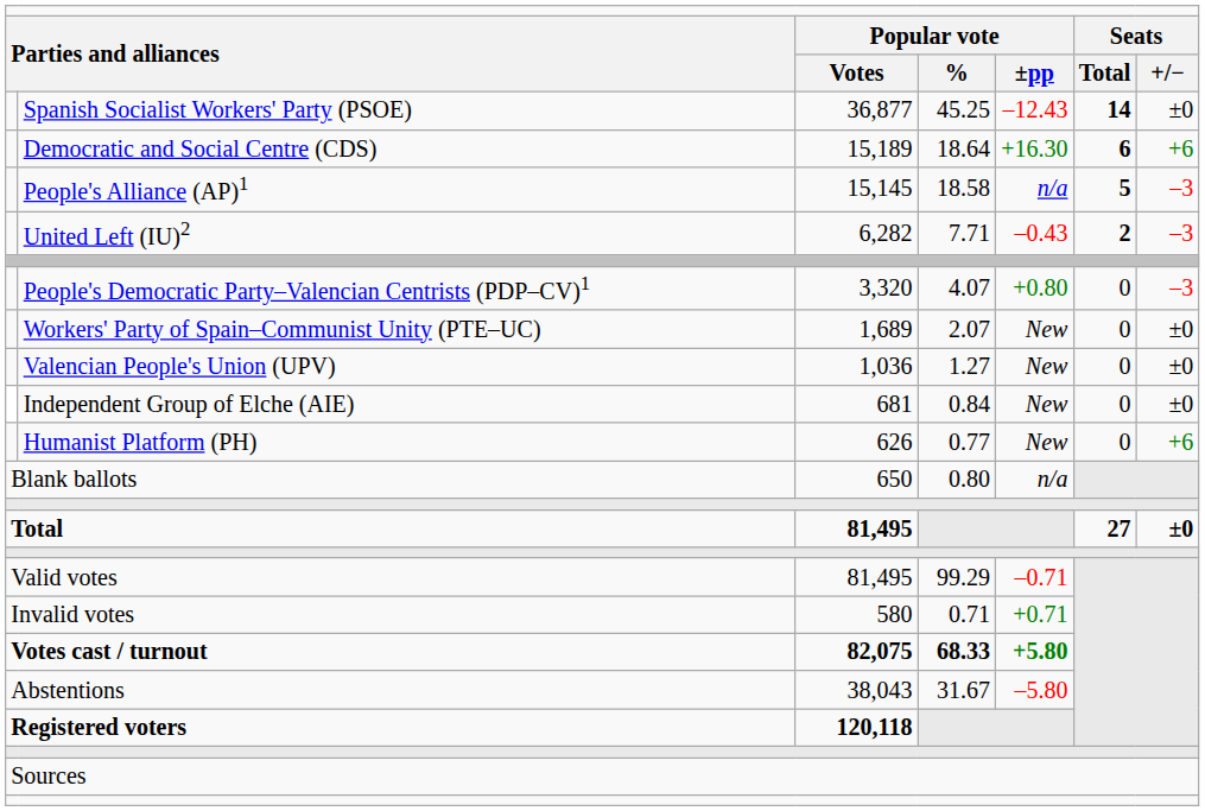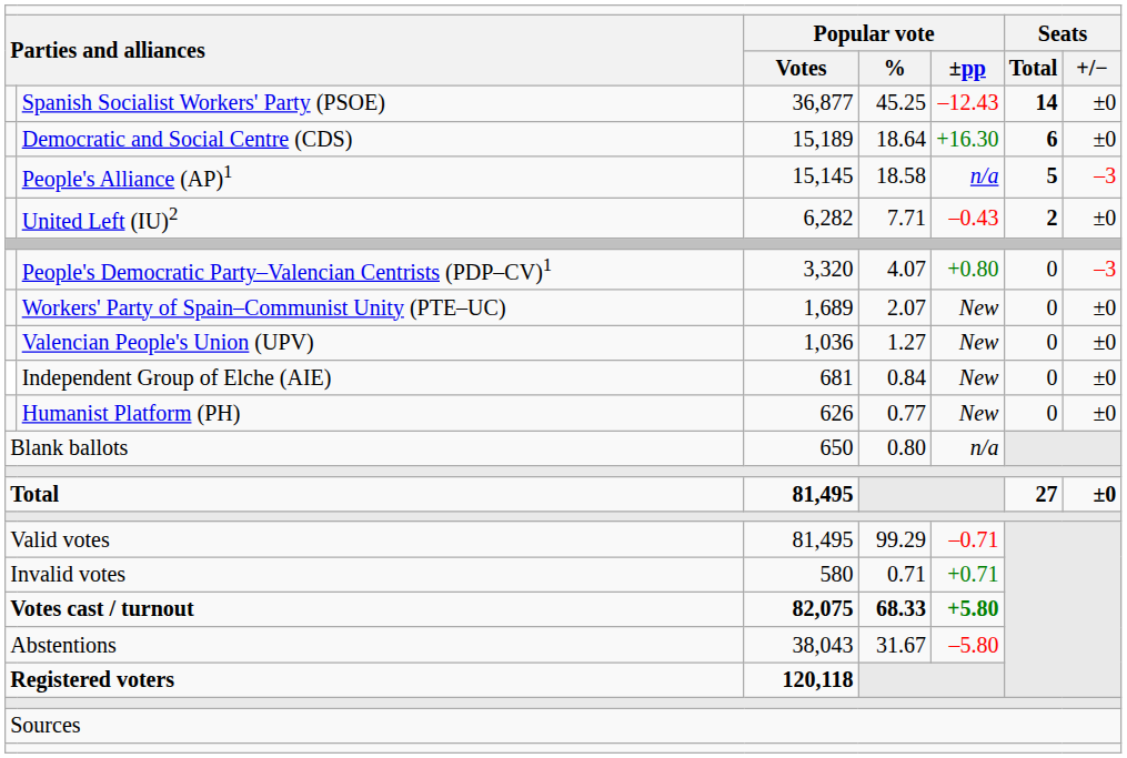 <table class="wikitable" style="text-align:right;">
 <tr>
 <td colspan="7"></td>
 </tr>
 <tr>
 <th style="text-align:left;" rowspan="2" colspan="2" width="525">Parties and alliances</th>
 <th colspan="3">Popular vote</th>
 <th colspan="2">Seats</th>
 </tr>
 <tr>
 <th width="75">Votes</th>
 <th width="45">%</th>
 <th width="45">±<a href='#'>pp</a></th>
 <th width="35">Total</th>
 <th width="35">+/−</th>
 </tr>
 <tr>
 <td width="1" style="color:inherit;background:"></td>
 <td align="left"><a href='#'>Spanish Socialist Workers' Party</a> (PSOE)</td>
 <td>36,877</td>
 <td>45.25</td>
 <td style="color:red;">–12.43</td>
 <td><strong>14</strong></td>
 <td>±0</td>
 </tr>
 <tr>
 <td style="color:inherit;background:"></td>
 <td align="left"><a href='#'>Democratic and Social Centre</a> (CDS)</td>
 <td>15,189</td>
 <td>18.64</td>
 <td style="color:green;">+16.30</td>
 <td><strong>6</strong></td>
-<td style="color:green;">+6</td>
+<td>±0</td>
 </tr>
 <tr>
 <td style="color:inherit;background:"></td>
 <td align="left"><a href='#'>People's Alliance</a> (AP)<sup>1</sup></td>
 <td>15,145</td>
 <td>18.58</td>
 <td><em><a href='#'>n/a</a></em></td>
 <td><strong>5</strong></td>
 <td style="color:red;">–3</td>
 </tr>
 <tr>
 <td style="color:inherit;background:"></td>
 <td align="left"><a href='#'>United Left</a> (IU)<sup>2</sup></td>
 <td>6,282</td>
 <td>7.71</td>
 <td style="color:red;">–0.43</td>
 <td><strong>2</strong></td>
-<td style="color:red;">–3</td>
+<td>±0</td>
 </tr>
 <tr>
 <td colspan="7" bgcolor="#C0C0C0"></td>
 </tr>
 <tr>
 <td style="color:inherit;background:"></td>
 <td align="left"><a href='#'>People's Democratic Party–Valencian Centrists</a> (PDP–CV)<sup>1</sup></td>
 <td>3,320</td>
 <td>4.07</td>
 <td style="color:green;">+0.80</td>
 <td>0</td>
 <td style="color:red;">–3</td>
 </tr>
 <tr>
 <td style="color:inherit;background:"></td>
 <td align="left"><a href='#'>Workers' Party of Spain–Communist Unity</a> (PTE–UC)</td>
 <td>1,689</td>
 <td>2.07</td>
 <td><em>New</em></td>
 <td>0</td>
 <td>±0</td>
 </tr>
 <tr>
 <td style="color:inherit;background:"></td>
 <td align="left"><a href='#'>Valencian People's Union</a> (UPV)</td>
 <td>1,036</td>
 <td>1.27</td>
 <td><em>New</em></td>
 <td>0</td>
 <td>±0</td>
 </tr>
 <tr>
 <td bgcolor="white"></td>
 <td align="left">Independent Group of Elche (AIE)</td>
 <td>681</td>
 <td>0.84</td>
 <td><em>New</em></td>
 <td>0</td>
 <td>±0</td>
 </tr>
 <tr>
 <td style="color:inherit;background:"></td>
 <td align="left"><a href='#'>Humanist Platform</a> (PH)</td>
 <td>626</td>
 <td>0.77</td>
 <td><em>New</em></td>
 <td>0</td>
-<td style="color:green;">+6</td>
+<td>±0</td>
 </tr>
 <tr>
 <td align="left" colspan="2">Blank ballots</td>
 <td>650</td>
 <td>0.80</td>
 <td><em>n/a</em></td>
 <td bgcolor="#E9E9E9" colspan="2"></td>
 </tr>
 <tr>
 <td colspan="7" bgcolor="#E9E9E9"></td>
 </tr>
 <tr style="font-weight:bold;">
 <td align="left" colspan="2">Total</td>
 <td>81,495</td>
 <td bgcolor="#E9E9E9" colspan="2"></td>
 <td>27</td>
 <td>±0</td>
 </tr>
 <tr>
 <td colspan="7" bgcolor="#E9E9E9"></td>
 </tr>
 <tr>
 <td align="left" colspan="2">Valid votes</td>
 <td>81,495</td>
 <td>99.29</td>
 <td style="color:red;">–0.71</td>
 <td bgcolor="#E9E9E9" colspan="2" rowspan="5"></td>
 </tr>
 <tr>
 <td align="left" colspan="2">Invalid votes</td>
 <td>580</td>
 <td>0.71</td>
 <td style="color:green;">+0.71</td>
 </tr>
 <tr style="font-weight:bold;">
 <td align="left" colspan="2">Votes cast / turnout</td>
 <td>82,075</td>
 <td>68.33</td>
 <td style="color:green;">+5.80</td>
 </tr>
 <tr>
 <td align="left" colspan="2">Abstentions</td>
 <td>38,043</td>
 <td>31.67</td>
 <td style="color:red;">–5.80</td>
 </tr>
 <tr style="font-weight:bold;">
 <td align="left" colspan="2">Registered voters</td>
 <td>120,118</td>
 <td bgcolor="#E9E9E9" colspan="2"></td>
 </tr>
 <tr>
 <td colspan="7" bgcolor="#E9E9E9"></td>
 </tr>
 <tr>
 <td align="left" colspan="7">Sources</td>
 </tr>
 <tr>
 <td colspan="7" style="text-align:left; max-width:790px;"></td>
 </tr>
 </table>
